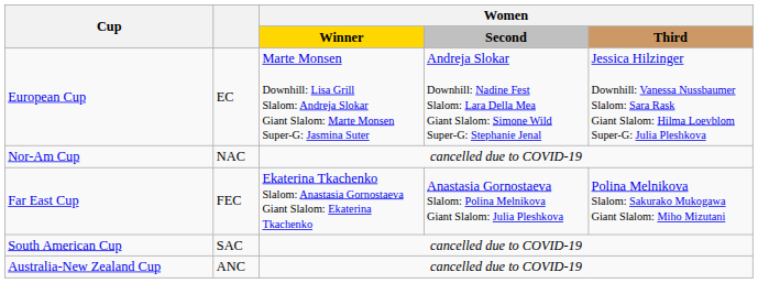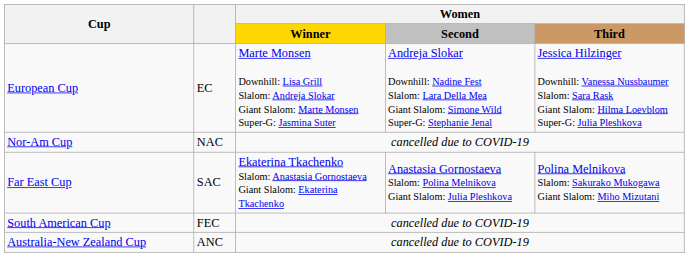 <table class="wikitable" style=" width:100%">
 <tr bgcolor="#CADAFA">
 <th class="hintergrundfarbe6" rowspan=2>Cup</th>
 <th class="hintergrundfarbe6" rowspan=2></th>
 <th class="hintergrundfarbe6" colspan=3>Women</th>
 </tr>
 <tr>
 <th style="width:22%; background:gold;">Winner</th>
 <th style="width:22%; background:silver;">Second</th>
 <th style="width:22%; background:#CC9966;">Third</th>
 </tr>
 <tr>
 <td><a href='#'>European Cup</a></td>
 <td>EC</td>
 <td> <a href='#'>Marte Monsen</a><br><br><small>Downhill:  <a href='#'>Lisa Grill</a><br>Slalom:  <a href='#'>Andreja Slokar</a><br>Giant Slalom:  <a href='#'>Marte Monsen</a><br>Super-G:  <a href='#'>Jasmina Suter</a></small><br></td>
 <td> <a href='#'>Andreja Slokar</a><br><br><small>Downhill:  <a href='#'>Nadine Fest</a><br>Slalom:  <a href='#'>Lara Della Mea</a><br>Giant Slalom:  <a href='#'>Simone Wild</a><br>Super-G:  <a href='#'>Stephanie Jenal</a></small><br></td>
 <td> <a href='#'>Jessica Hilzinger</a><br><br><small>Downhill:  <a href='#'>Vanessa Nussbaumer</a><br>Slalom:  <a href='#'>Sara Rask</a><br>Giant Slalom:  <a href='#'>Hilma Loevblom</a><br>Super-G:  <a href='#'>Julia Pleshkova</a></small><br></td>
 </tr>
 <tr>
 <td><a href='#'>Nor-Am Cup</a></td>
 <td>NAC</td>
 <td colspan=6 align=center><em>cancelled due to COVID-19</em></td>
 </tr>
 <tr>
 <td><a href='#'>Far East Cup</a></td>
-<td>FEC</td>
+<td>SAC</td>
 <td> <a href='#'>Ekaterina Tkachenko</a><br><small>Slalom:  <a href='#'>Anastasia Gornostaeva</a><br>Giant Slalom:  <a href='#'>Ekaterina Tkachenko</a></small><br></td>
 <td> <a href='#'>Anastasia Gornostaeva</a><br><small>Slalom:  <a href='#'>Polina Melnikova</a><br>Giant Slalom:  <a href='#'>Julia Pleshkova</a></small><br></td>
 <td> <a href='#'>Polina Melnikova</a><br><small>Slalom:  <a href='#'>Sakurako Mukogawa</a><br>Giant Slalom:  <a href='#'>Miho Mizutani</a></small><br></td>
 </tr>
 <tr>
 <td><a href='#'>South American Cup</a></td>
-<td>SAC</td>
+<td>FEC</td>
 <td colspan=6 align=center><em>cancelled due to COVID-19</em></td>
 </tr>
 <tr>
 <td><a href='#'>Australia-New Zealand Cup</a></td>
 <td>ANC</td>
 <td colspan=6 align=center><em>cancelled due to COVID-19</em></td>
 </tr>
 </table>
